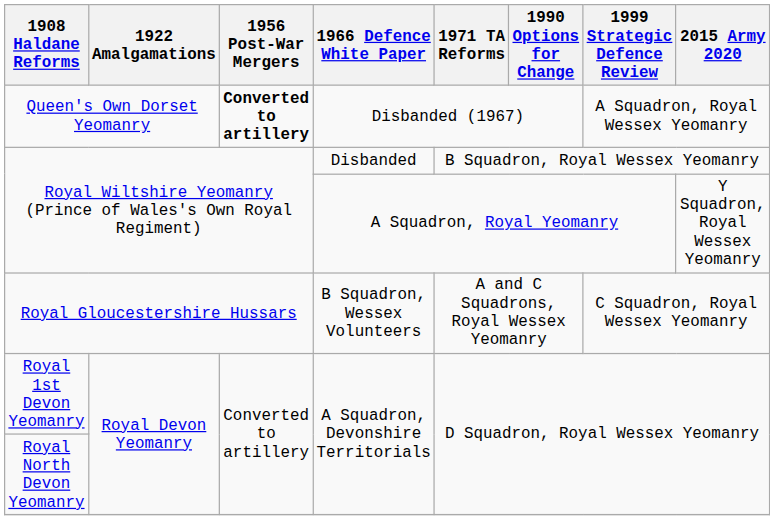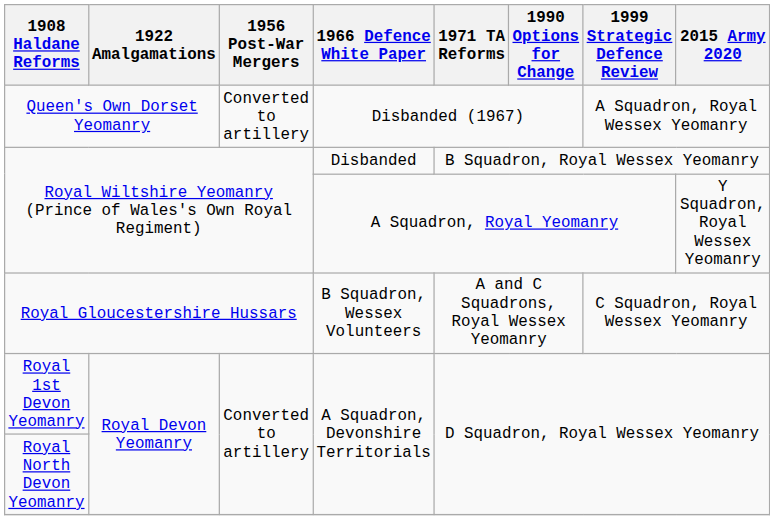 <table class="wikitable">
 <tr>
 <th>1908 <a href='#'>Haldane Reforms</a></th>
 <th>1922 Amalgamations</th>
 <th>1956 Post-War Mergers</th>
 <th>1966 <a href='#'>Defence White Paper</a></th>
 <th>1971 TA Reforms</th>
 <th>1990 <a href='#'>Options for Change</a></th>
 <th>1999 <a href='#'>Strategic Defence Review</a></th>
 <th>2015 <a href='#'>Army 2020</a></th>
 </tr>
 <tr>
 <td rowspan="1" colspan="2" style="text-align: center;"><a href='#'>Queen's Own Dorset Yeomanry</a></td>
-<td rowspan="1" colspan="1" style="text-align: center;"><strong>Converted to artillery</strong></td>
+<td rowspan="1" colspan="1" style="text-align: center;">Converted to artillery</td>
 <td rowspan="1" colspan="3" style="text-align: center;">Disbanded (1967)</td>
 <td rowspan="1" colspan="2" style="text-align: center;">A Squadron, Royal Wessex Yeomanry</td>
 </tr>
 <tr>
 <td rowspan="2" colspan="3" style="text-align: center;"><a href='#'>Royal Wiltshire Yeomanry</a> (Prince of Wales's Own Royal Regiment)</td>
 <td rowspan="1" colspan="1" style="text-align: center;">Disbanded</td>
 <td rowspan="1" colspan="4" style="text-align: center;">B Squadron, Royal Wessex Yeomanry</td>
 </tr>
 <tr>
 <td rowspan="1" colspan="4" style="text-align: center;">A Squadron, <a href='#'>Royal Yeomanry</a></td>
 <td rowspan="1" colspan="1" style="text-align: center;">Y Squadron, Royal Wessex Yeomanry</td>
 </tr>
 <tr>
 <td rowspan="1" colspan="3" style="text-align: center;"><a href='#'>Royal Gloucestershire Hussars</a></td>
 <td rowspan="1" colspan="1" style="text-align: center;">B Squadron, Wessex Volunteers</td>
 <td rowspan="1" colspan="2" style="text-align: center;">A and C Squadrons, Royal Wessex Yeomanry</td>
 <td rowspan="1" colspan="2" style="text-align: center;">C Squadron, Royal Wessex Yeomanry</td>
 </tr>
 <tr>
 <td rowspan="1" colspan="1" style="text-align: center;"><a href='#'>Royal 1st Devon Yeomanry</a></td>
 <td rowspan="2" colspan="1" style="text-align: center;"><a href='#'>Royal Devon Yeomanry</a></td>
 <td rowspan="2" colspan="1" style="text-align: center;">Converted to artillery</td>
 <td rowspan="2" colspan="1" style="text-align: center;">A Squadron, Devonshire Territorials</td>
 <td rowspan="2" colspan="4" style="text-align: center;">D Squadron, Royal Wessex Yeomanry</td>
 </tr>
 <tr>
 <td rowspan="1" colspan="1" style="text-align: center;"><a href='#'>Royal North Devon Yeomanry</a></td>
 </tr>
 <tr>
 </tr>
 </table>
